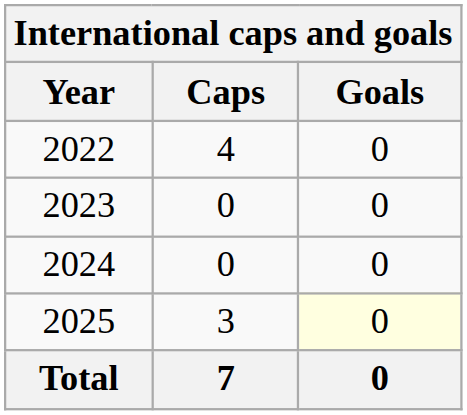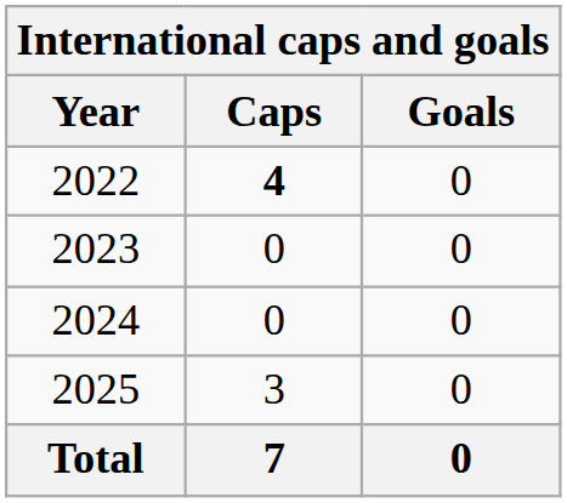 <table class="wikitable sortable" style="text-align:center">
 <tr>
 <th colspan="3">International caps and goals</th>
 </tr>
 <tr>
 <th>Year</th>
 <th>Caps</th>
 <th>Goals</th>
 </tr>
 <tr>
 <td>2022</td>
-<td>4</td>
+<td><strong>4</strong></td>
 <td>0</td>
 </tr>
 <tr>
 <td>2023</td>
 <td>0</td>
 <td>0</td>
 </tr>
 <tr>
 <td>2024</td>
 <td>0</td>
 <td>0</td>
 </tr>
 <tr>
 <td>2025</td>
 <td>3</td>
-<td style="background: lightyellow;">0</td>
+<td>0</td>
 </tr>
 <tr>
 <th>Total</th>
 <th>7</th>
 <th>0</th>
 </tr>
 </table>
